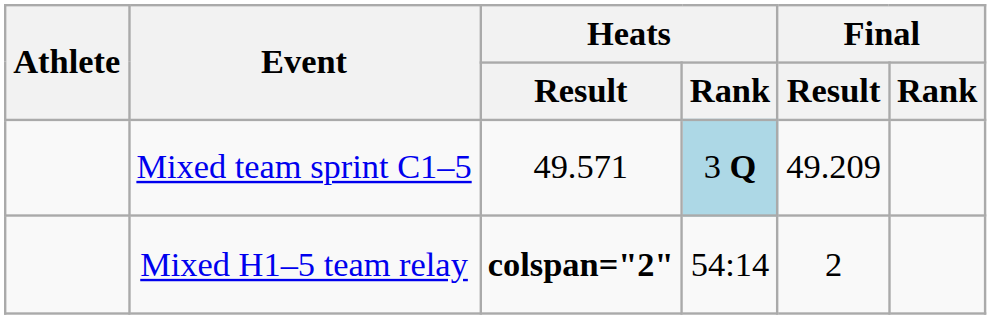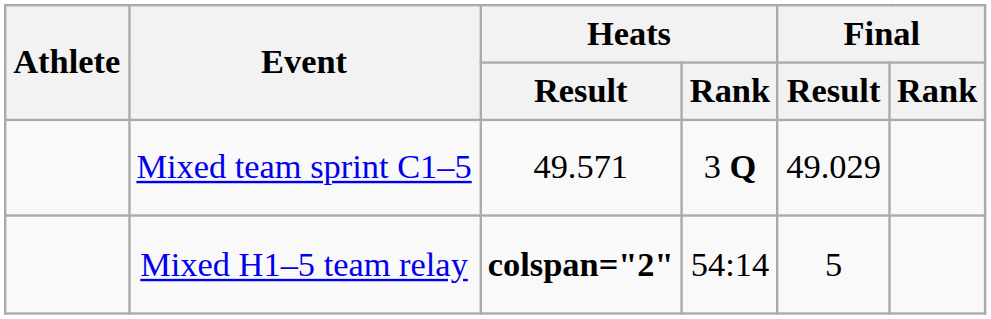 <table class=wikitable style="font-size:90%">
 <tr>
 <th rowspan="2">Athlete</th>
 <th rowspan="2">Event</th>
 <th colspan="2">Heats</th>
 <th colspan="2">Final</th>
 </tr>
 <tr>
 <th>Result</th>
 <th>Rank</th>
 <th>Result</th>
 <th>Rank</th>
 </tr>
 <tr align=center>
 <td align=left><br><br></td>
 <td align=left><a href='#'>Mixed team sprint C1–5</a></td>
 <td>49.571</td>
-<td style="background: lightblue;">3 <strong>Q</strong></td>
-<td>49.209</td>
+<td>3 <strong>Q</strong></td>
+<td>49.029</td>
 <td></td>
 </tr>
 <tr align=center>
 <td align=left><br><br></td>
 <td alienta=left><a href='#'>Mixed H1–5 team relay</a></td>
 <td><strong>colspan="2" </strong></td>
 <td>54:14</td>
-<td>2</td>
+<td>5</td>
 </tr>
 </table>
